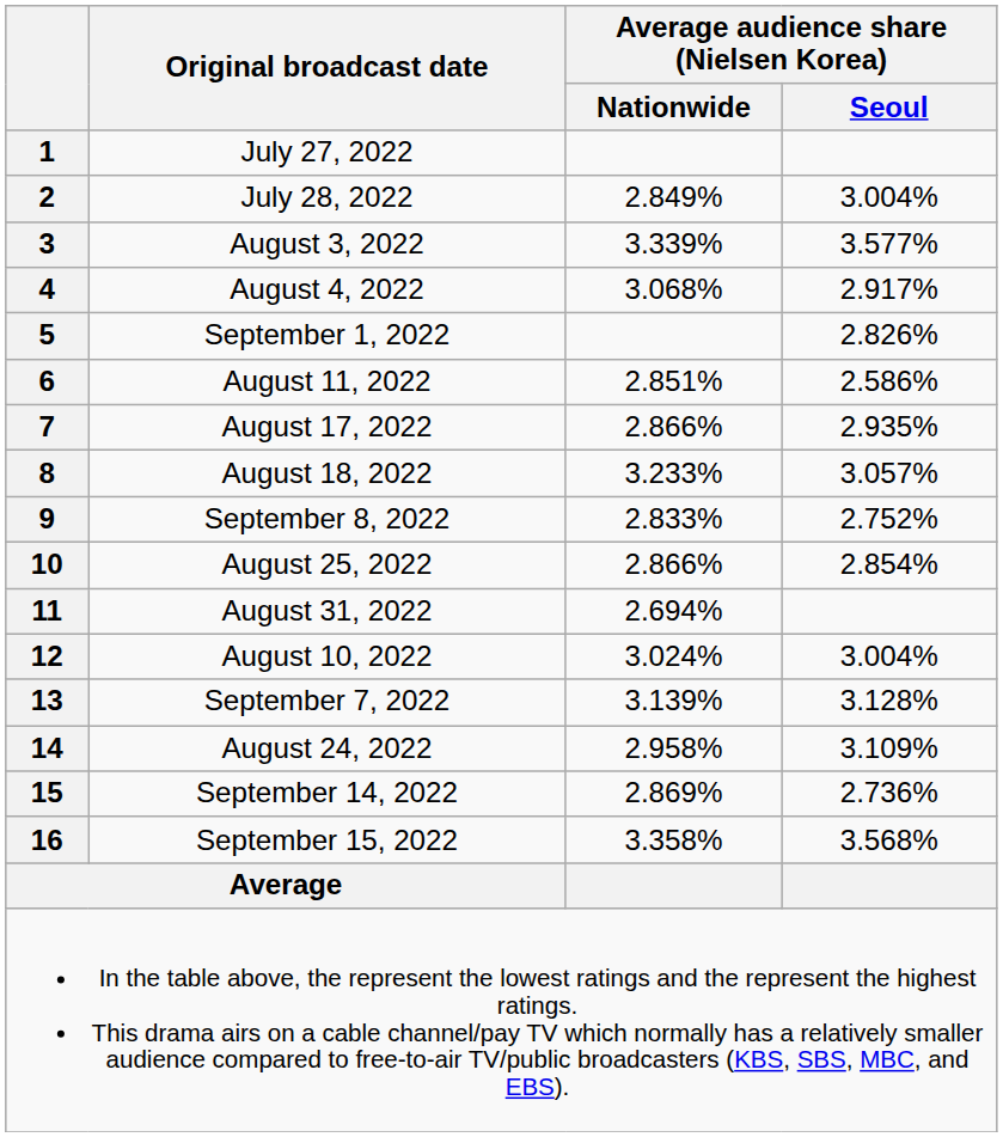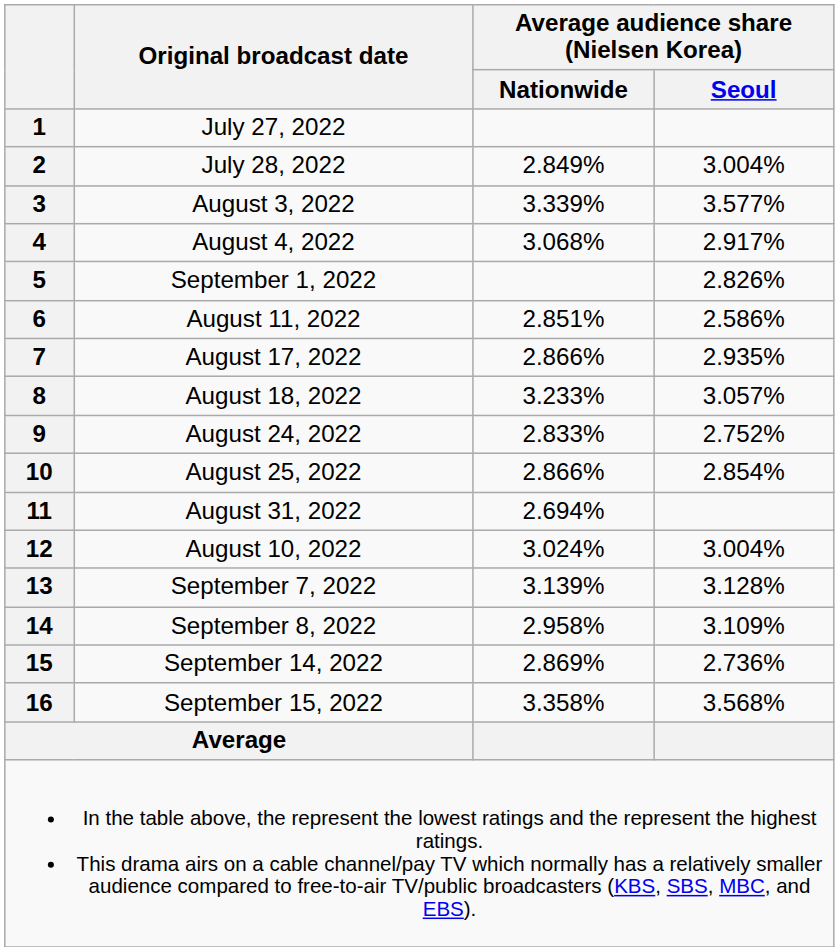 <table class="wikitable" style="margin-left:auto; margin-right:auto; width:550px; text-align:center">
 <tr>
 <th scope="col" rowspan="2"></th>
 <th scope="col" rowspan="2">Original broadcast date</th>
 <th scope="col" colspan="2">Average audience share<br>(Nielsen Korea)</th>
 </tr>
 <tr>
 <th scope="col" style="width:7em">Nationwide</th>
 <th scope="col" style="width:7em"><a href='#'>Seoul</a></th>
 </tr>
 <tr>
 <th scope="col">1</th>
 <td>July 27, 2022</td>
 <td><strong></strong> </td>
 <td><strong></strong> </td>
 </tr>
 <tr>
 <th scope="col">2</th>
 <td>July 28, 2022</td>
 <td>2.849% </td>
 <td>3.004% </td>
 </tr>
 <tr>
 <th scope="col">3</th>
 <td>August 3, 2022</td>
 <td>3.339% </td>
 <td>3.577% </td>
 </tr>
 <tr>
 <th scope="col">4</th>
 <td>August 4, 2022</td>
 <td>3.068% </td>
 <td>2.917% </td>
 </tr>
 <tr>
 <th scope="col">5</th>
 <td>September 1, 2022</td>
 <td><strong></strong> </td>
 <td>2.826% </td>
 </tr>
 <tr>
 <th scope="col">6</th>
 <td>August 11, 2022</td>
 <td>2.851% </td>
 <td>2.586% </td>
 </tr>
 <tr>
 <th scope="col">7</th>
 <td>August 17, 2022</td>
 <td>2.866% </td>
 <td>2.935% </td>
 </tr>
 <tr>
 <th scope="col">8</th>
 <td>August 18, 2022</td>
 <td>3.233% </td>
 <td>3.057% </td>
 </tr>
 <tr>
 <th scope="col">9</th>
-<td>September 8, 2022</td>
+<td>August 24, 2022</td>
 <td>2.833% </td>
 <td>2.752% </td>
 </tr>
 <tr>
 <th scope="col">10</th>
 <td>August 25, 2022</td>
 <td>2.866% </td>
 <td>2.854% </td>
 </tr>
 <tr>
 <th scope="col">11</th>
 <td>August 31, 2022</td>
 <td>2.694% </td>
 <td><strong></strong> </td>
 </tr>
 <tr>
 <th scope="col">12</th>
 <td>August 10, 2022</td>
 <td>3.024% </td>
 <td>3.004% </td>
 </tr>
 <tr>
 <th scope="col">13</th>
 <td>September 7, 2022</td>
 <td>3.139% </td>
 <td>3.128% </td>
 </tr>
 <tr>
 <th scope="col">14</th>
-<td>August 24, 2022</td>
+<td>September 8, 2022</td>
 <td>2.958% </td>
 <td>3.109% </td>
 </tr>
 <tr>
 <th scope="col">15</th>
 <td>September 14, 2022</td>
 <td>2.869% </td>
 <td>2.736% </td>
 </tr>
 <tr>
 <th scope="col">16</th>
 <td>September 15, 2022</td>
 <td>3.358% </td>
 <td>3.568% </td>
 </tr>
 <tr>
 <th scope="col" colspan="2">Average</th>
 <th scope="col"></th>
 <th scope="col"></th>
 </tr>
 <tr>
 <td colspan="4" style="font-size:85%"><br><ul><li>In the table above, the <strong></strong> represent the lowest ratings and the <strong></strong> represent the highest ratings.</li><li>This drama airs on a cable channel/pay TV which normally has a relatively smaller audience compared to free-to-air TV/public broadcasters (<a href='#'>KBS</a>, <a href='#'>SBS</a>, <a href='#'>MBC</a>, and <a href='#'>EBS</a>).</li></ul></td>
 </tr>
 </table>
